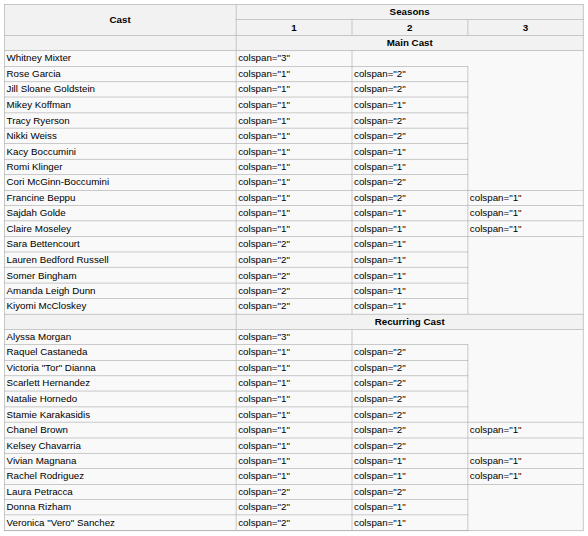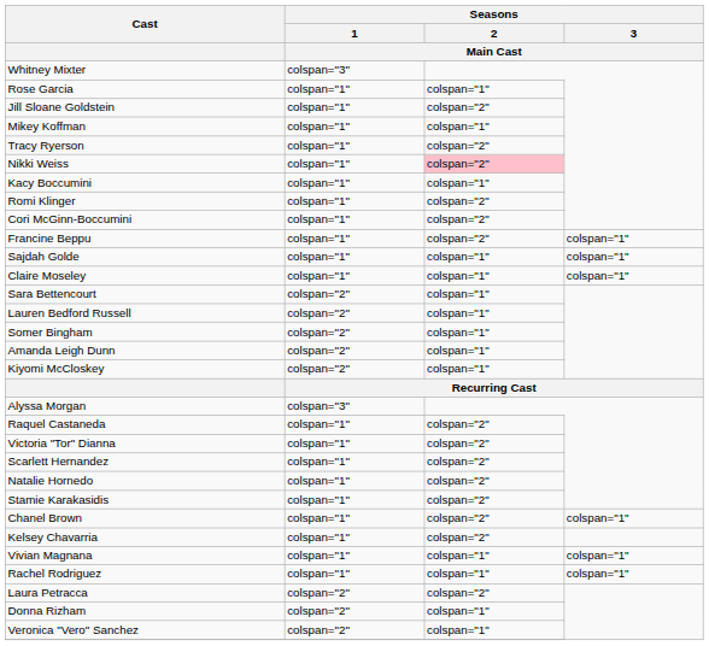 <table class="wikitable plainrowheaders" style="width:60%;">
 <tr>
 <th scope="col" rowspan="2" width="30%">Cast</th>
 <th scope="col" colspan="6">Seasons</th>
 </tr>
 <tr>
 <th scope="col" style="width:15%;">1</th>
 <th scope="col" style="width:15%;">2</th>
 <th scope="col" style="width:15%;">3</th>
 </tr>
 <tr>
 <th scope="col"></th>
 <th colspan="3">Main Cast</th>
 </tr>
 <tr>
 <td scope="row">Whitney Mixter</td>
 <td>colspan="3" </td>
 </tr>
 <tr>
 <td scope="row">Rose Garcia</td>
 <td>colspan="1" </td>
-<td>colspan="2" </td>
+<td>colspan="1" </td>
 </tr>
 <tr>
 <td scope="row">Jill Sloane Goldstein</td>
 <td>colspan="1" </td>
 <td>colspan="2" </td>
 </tr>
 <tr>
 <td scope="row">Mikey Koffman</td>
 <td>colspan="1" </td>
 <td>colspan="1" </td>
 </tr>
 <tr>
 <td scope="row">Tracy Ryerson</td>
 <td>colspan="1" </td>
 <td>colspan="2" </td>
 </tr>
 <tr>
 <td scope="row">Nikki Weiss</td>
 <td>colspan="1" </td>
-<td>colspan="2" </td>
+<td style="background: pink;">colspan="2" </td>
 </tr>
 <tr>
 <td scope="row">Kacy Boccumini</td>
 <td>colspan="1" </td>
 <td>colspan="1" </td>
 </tr>
 <tr>
 <td scope="row">Romi Klinger</td>
 <td>colspan="1" </td>
-<td>colspan="1" </td>
+<td>colspan="2" </td>
 </tr>
 <tr>
 <td scope="row">Cori McGinn-Boccumini</td>
 <td>colspan="1" </td>
 <td>colspan="2" </td>
 </tr>
 <tr>
 <td scope="row">Francine Beppu</td>
 <td>colspan="1" </td>
 <td>colspan="2" </td>
 <td>colspan="1" </td>
 </tr>
 <tr>
 <td scope="row">Sajdah Golde</td>
 <td>colspan="1" </td>
 <td>colspan="1" </td>
 <td>colspan="1" </td>
 </tr>
 <tr>
 <td scope="row">Claire Moseley</td>
 <td>colspan="1" </td>
 <td>colspan="1" </td>
 <td>colspan="1" </td>
 </tr>
 <tr>
 <td scope="row">Sara Bettencourt</td>
 <td>colspan="2" </td>
 <td>colspan="1" </td>
 </tr>
 <tr>
 <td scope="row">Lauren Bedford Russell</td>
 <td>colspan="2" </td>
 <td>colspan="1" </td>
 </tr>
 <tr>
 <td scope="row">Somer Bingham</td>
 <td>colspan="2" </td>
 <td>colspan="1" </td>
 </tr>
 <tr>
 <td scope="row">Amanda Leigh Dunn</td>
 <td>colspan="2" </td>
 <td>colspan="1" </td>
 </tr>
 <tr>
 <td scope="row">Kiyomi McCloskey</td>
 <td>colspan="2" </td>
 <td>colspan="1" </td>
 </tr>
 <tr>
 <th scope="col"></th>
 <th colspan="3">Recurring Cast</th>
 </tr>
 <tr>
 <td scope="row">Alyssa Morgan</td>
 <td>colspan="3" </td>
 </tr>
 <tr>
 <td scope="row">Raquel Castaneda</td>
 <td>colspan="1" </td>
 <td>colspan="2" </td>
 </tr>
 <tr>
 <td scope="row">Victoria "Tor" Dianna</td>
 <td>colspan="1" </td>
 <td>colspan="2" </td>
 </tr>
 <tr>
 <td scope="row">Scarlett Hernandez</td>
 <td>colspan="1" </td>
 <td>colspan="2" </td>
 </tr>
 <tr>
 <td scope="row">Natalie Hornedo</td>
 <td>colspan="1" </td>
 <td>colspan="2" </td>
 </tr>
 <tr>
 <td scope="row">Stamie Karakasidis</td>
 <td>colspan="1" </td>
 <td>colspan="2" </td>
 </tr>
 <tr>
 <td scope="row">Chanel Brown</td>
 <td>colspan="1" </td>
 <td>colspan="2" </td>
 <td>colspan="1" </td>
 </tr>
 <tr>
 <td scope="row">Kelsey Chavarria</td>
 <td>colspan="1" </td>
 <td>colspan="2" </td>
 </tr>
 <tr>
 <td scope="row">Vivian Magnana</td>
 <td>colspan="1" </td>
 <td>colspan="1" </td>
 <td>colspan="1" </td>
 </tr>
 <tr>
 <td scope="row">Rachel Rodriguez</td>
 <td>colspan="1" </td>
 <td>colspan="1" </td>
 <td>colspan="1" </td>
 </tr>
 <tr>
 <td scope="row">Laura Petracca</td>
 <td>colspan="2" </td>
 <td>colspan="2" </td>
 </tr>
 <tr>
 <td scope="row">Donna Rizham</td>
 <td>colspan="2" </td>
 <td>colspan="1" </td>
 </tr>
 <tr>
 <td scope="row">Veronica "Vero" Sanchez</td>
 <td>colspan="2" </td>
 <td>colspan="1" </td>
 </tr>
 <tr>
 </tr>
 </table>
